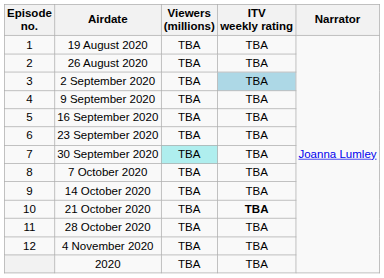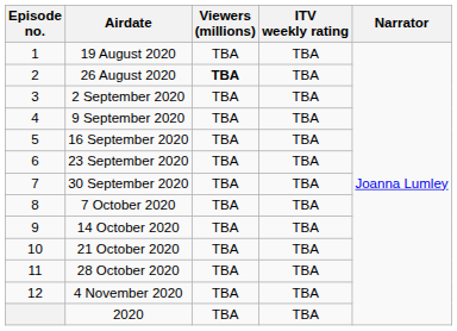 <table class="wikitable" style="text-align:center">
 <tr>
 <th scope="col">Episode<br>no.</th>
 <th scope="col">Airdate</th>
 <th scope="col">Viewers<br>(millions)</th>
 <th scope="col">ITV<br>weekly rating</th>
 <th scope="col">Narrator</th>
 </tr>
 <tr>
 <td>1</td>
 <td>19 August 2020</td>
 <td>TBA</td>
 <td>TBA</td>
 <td rowspan="13"><a href='#'>Joanna Lumley</a></td>
 </tr>
 <tr>
 <td>2</td>
 <td>26 August 2020</td>
-<td>TBA</td>
+<td><strong>TBA</strong></td>
 <td>TBA</td>
 </tr>
 <tr>
 <td>3</td>
 <td>2 September 2020</td>
 <td>TBA</td>
-<td style="background: lightblue;">TBA</td>
+<td>TBA</td>
 </tr>
 <tr>
 <td>4</td>
 <td>9 September 2020</td>
 <td>TBA</td>
 <td>TBA</td>
 </tr>
 <tr>
 <td>5</td>
 <td>16 September 2020</td>
 <td>TBA</td>
 <td>TBA</td>
 </tr>
 <tr>
 <td>6</td>
 <td>23 September 2020</td>
 <td>TBA</td>
 <td>TBA</td>
 </tr>
 <tr>
 <td>7</td>
 <td>30 September 2020</td>
-<td style="background: paleturquoise;">TBA</td>
+<td>TBA</td>
 <td>TBA</td>
 </tr>
 <tr>
 <td>8</td>
 <td>7 October 2020</td>
 <td>TBA</td>
 <td>TBA</td>
 </tr>
 <tr>
 <td>9</td>
 <td>14 October 2020</td>
 <td>TBA</td>
 <td>TBA</td>
 </tr>
 <tr>
 <td>10</td>
 <td>21 October 2020</td>
 <td>TBA</td>
-<td><strong>TBA</strong></td>
+<td>TBA</td>
 </tr>
 <tr>
 <td>11</td>
 <td>28 October 2020</td>
 <td>TBA</td>
 <td>TBA</td>
 </tr>
 <tr>
 <td>12</td>
 <td>4 November 2020</td>
 <td>TBA</td>
 <td>TBA</td>
 </tr>
 <tr>
 <th></th>
 <td>2020</td>
 <td>TBA</td>
 <td>TBA</td>
 </tr>
 </table>
